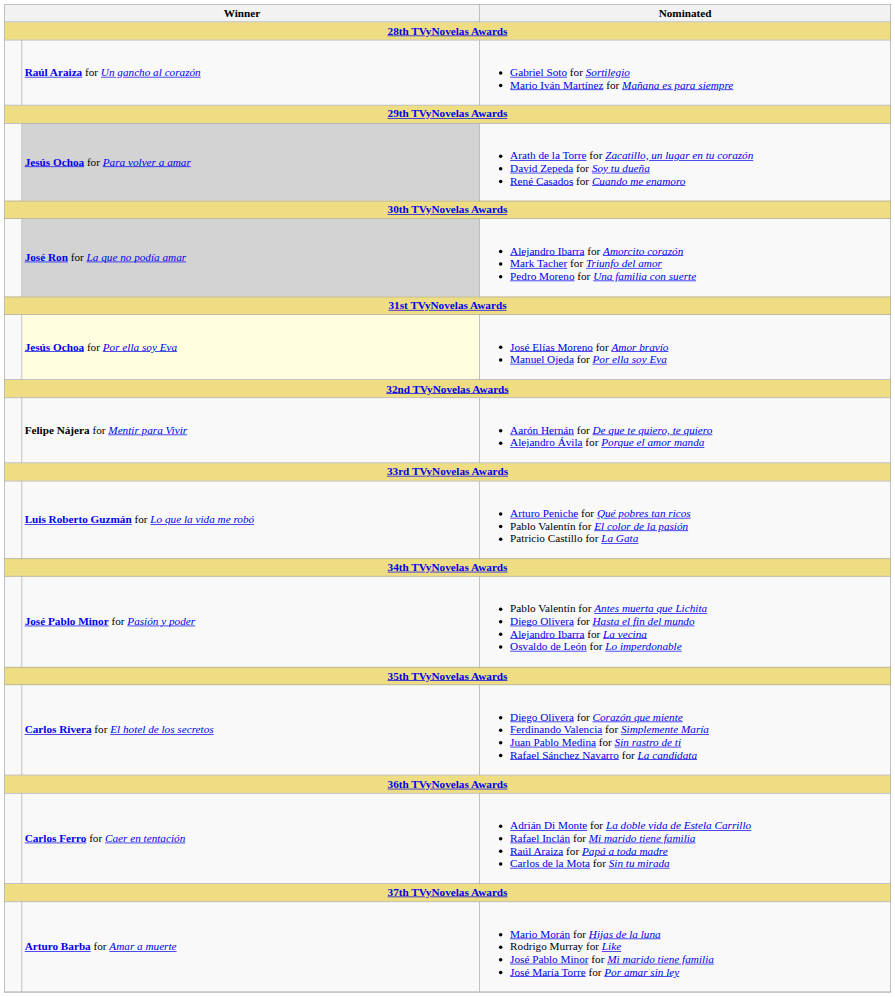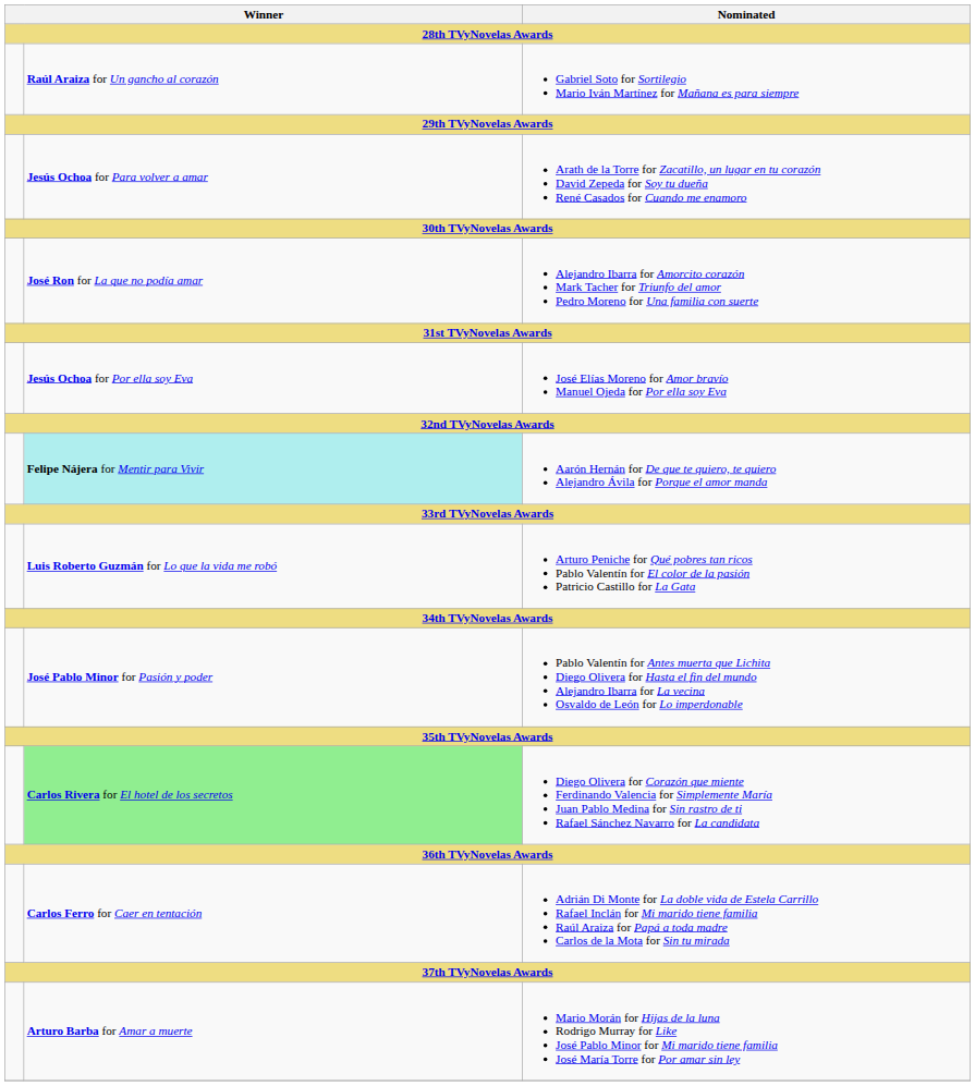 <table class="wikitable" width=80%>
 <tr align=center>
 <th width="150px;" colspan=2; align="center">Winner</th>
 <th width="580px;" align="center">Nominated</th>
 </tr>
 <tr>
 <th colspan=9 style="background:#EEDD82;"  align="center"><strong><a href='#'>28th TVyNovelas Awards</a></strong></th>
 </tr>
 <tr>
 <td width=2%></td>
 <td><strong><a href='#'>Raúl Araiza</a></strong> for <em><a href='#'>Un gancho al corazón</a></em></td>
 <td><br><ul><li><a href='#'>Gabriel Soto</a> for <em><a href='#'>Sortilegio</a></em></li><li><a href='#'>Mario Iván Martínez</a> for <em><a href='#'>Mañana es para siempre</a></em></li></ul></td>
 </tr>
 <tr>
 <th colspan=9 style="background:#EEDD82;"  align="center"><strong><a href='#'>29th TVyNovelas Awards</a></strong></th>
 </tr>
 <tr>
 <td width=2%></td>
-<td style="background: lightgrey;"><strong><a href='#'>Jesús Ochoa</a></strong> for <em><a href='#'>Para volver a amar</a></em></td>
+<td><strong><a href='#'>Jesús Ochoa</a></strong> for <em><a href='#'>Para volver a amar</a></em></td>
 <td><br><ul><li><a href='#'>Arath de la Torre</a> for <em><a href='#'>Zacatillo, un lugar en tu corazón</a></em></li><li><a href='#'>David Zepeda</a> for <em><a href='#'>Soy tu dueña</a></em></li><li><a href='#'>René Casados</a> for <em><a href='#'>Cuando me enamoro</a></em></li></ul></td>
 </tr>
 <tr>
 <th colspan=9 style="background:#EEDD82;"  align="center"><strong><a href='#'>30th TVyNovelas Awards</a></strong></th>
 </tr>
 <tr>
 <td width=2%></td>
-<td style="background: lightgrey;"><strong><a href='#'>José Ron</a></strong> for <em><a href='#'>La que no podía amar</a></em></td>
+<td><strong><a href='#'>José Ron</a></strong> for <em><a href='#'>La que no podía amar</a></em></td>
 <td><br><ul><li><a href='#'>Alejandro Ibarra</a> for <em><a href='#'>Amorcito corazón</a></em></li><li><a href='#'>Mark Tacher</a> for <em><a href='#'>Triunfo del amor</a></em></li><li><a href='#'>Pedro Moreno</a> for <em><a href='#'>Una familia con suerte</a></em></li></ul></td>
 </tr>
 <tr>
 <th colspan=9 style="background:#EEDD82;"  align="center"><strong><a href='#'>31st TVyNovelas Awards</a></strong></th>
 </tr>
 <tr>
 <td width=2%></td>
-<td style="background: lightyellow;"><strong><a href='#'>Jesús Ochoa</a></strong> for <em><a href='#'>Por ella soy Eva</a></em></td>
+<td><strong><a href='#'>Jesús Ochoa</a></strong> for <em><a href='#'>Por ella soy Eva</a></em></td>
 <td><br><ul><li><a href='#'>José Elías Moreno</a> for <em><a href='#'>Amor bravío</a></em></li><li><a href='#'>Manuel Ojeda</a> for <em><a href='#'>Por ella soy Eva</a></em></li></ul></td>
 </tr>
 <tr>
 <th colspan=9 style="background:#EEDD82;"  align="center"><strong><a href='#'>32nd TVyNovelas Awards</a></strong></th>
 </tr>
 <tr>
 <td width=2%></td>
-<td><strong>Felipe Nájera</strong> for <em><a href='#'>Mentir para Vivir</a></em></td>
+<td style="background: paleturquoise;"><strong>Felipe Nájera</strong> for <em><a href='#'>Mentir para Vivir</a></em></td>
 <td><br><ul><li><a href='#'>Aarón Hernán</a> for <em><a href='#'>De que te quiero, te quiero</a></em></li><li><a href='#'>Alejandro Ávila</a> for <em><a href='#'>Porque el amor manda</a></em></li></ul></td>
 </tr>
 <tr>
 <th colspan=9 style="background:#EEDD82;"  align="center"><strong><a href='#'>33rd TVyNovelas Awards</a></strong></th>
 </tr>
 <tr>
 <td width=2%></td>
 <td><strong><a href='#'>Luis Roberto Guzmán</a></strong> for <em><a href='#'>Lo que la vida me robó</a></em></td>
 <td><br><ul><li><a href='#'>Arturo Peniche</a> for <em><a href='#'>Qué pobres tan ricos</a></em></li><li>Pablo Valentín for <em><a href='#'>El color de la pasión</a></em></li><li>Patricio Castillo for <em><a href='#'>La Gata</a></em></li></ul></td>
 </tr>
 <tr>
 <th colspan=9 style="background:#EEDD82;"  align="center"><strong><a href='#'>34th TVyNovelas Awards</a></strong></th>
 </tr>
 <tr>
 <td width=2%></td>
 <td><strong><a href='#'>José Pablo Minor</a></strong> for <em><a href='#'>Pasión y poder</a></em></td>
 <td><br><ul><li>Pablo Valentín for <em><a href='#'>Antes muerta que Lichita</a></em></li><li><a href='#'>Diego Olivera</a> for <em><a href='#'>Hasta el fin del mundo</a></em></li><li><a href='#'>Alejandro Ibarra</a> for <em><a href='#'>La vecina</a></em></li><li><a href='#'>Osvaldo de León</a> for <em><a href='#'>Lo imperdonable</a></em></li></ul></td>
 </tr>
 <tr>
 <th colspan=9 style="background:#EEDD82;"  align="center"><strong><a href='#'>35th TVyNovelas Awards</a></strong></th>
 </tr>
 <tr>
 <td width=2%></td>
-<td><strong><a href='#'>Carlos Rivera</a></strong> for <em><a href='#'>El hotel de los secretos</a></em></td>
+<td style="background: lightgreen;"><strong><a href='#'>Carlos Rivera</a></strong> for <em><a href='#'>El hotel de los secretos</a></em></td>
 <td><br><ul><li><a href='#'>Diego Olivera</a> for <em><a href='#'>Corazón que miente</a></em></li><li><a href='#'>Ferdinando Valencia</a> for <em><a href='#'>Simplemente María</a></em></li><li><a href='#'>Juan Pablo Medina</a> for <em><a href='#'>Sin rastro de ti</a></em></li><li><a href='#'>Rafael Sánchez Navarro</a> for <em><a href='#'>La candidata</a></em></li></ul></td>
 </tr>
 <tr>
 <th colspan=9 style="background:#EEDD82;"  align="center"><strong><a href='#'>36th TVyNovelas Awards</a></strong></th>
 </tr>
 <tr>
 <td width=2%></td>
 <td><strong><a href='#'>Carlos Ferro</a></strong> for <em><a href='#'>Caer en tentación</a></em></td>
 <td><br><ul><li><a href='#'>Adrián Di Monte</a> for <em><a href='#'>La doble vida de Estela Carrillo</a></em></li><li><a href='#'>Rafael Inclán</a> for <em><a href='#'>Mi marido tiene familia</a></em></li><li><a href='#'>Raúl Araiza</a> for <em><a href='#'>Papá a toda madre</a></em></li><li><a href='#'>Carlos de la Mota</a> for <em><a href='#'>Sin tu mirada</a></em></li></ul></td>
 </tr>
 <tr>
 <th colspan=9 style="background:#EEDD82;"  align="center"><strong><a href='#'>37th TVyNovelas Awards</a></strong></th>
 </tr>
 <tr>
 <td width=2%></td>
 <td><strong><a href='#'>Arturo Barba</a></strong> for <em><a href='#'>Amar a muerte</a></em></td>
 <td><br><ul><li><a href='#'>Mario Morán</a> for <em><a href='#'>Hijas de la luna</a></em></li><li>Rodrigo Murray for <em><a href='#'>Like</a></em></li><li><a href='#'>José Pablo Minor</a> for <em><a href='#'>Mi marido tiene familia</a></em></li><li><a href='#'>José María Torre</a> for <em><a href='#'>Por amar sin ley</a></em></li></ul></td>
 </tr>
 <tr>
 </tr>
 </table>
